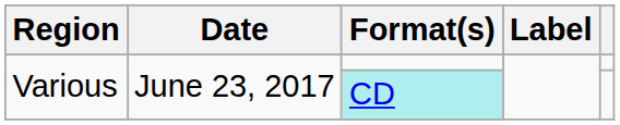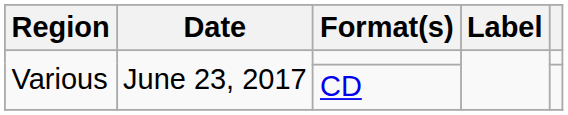 <table class="wikitable plainrowheaders">
 <tr>
 <th scope="col">Region</th>
 <th scope="col">Date</th>
 <th scope="col">Format(s)</th>
 <th scope="col">Label</th>
 <th scope="col"></th>
 </tr>
 <tr>
 <td rowspan="2">Various</td>
 <td rowspan="2">June 23, 2017</td>
 <td></td>
 <td rowspan="2"></td>
 <td></td>
 </tr>
 <tr>
-<td style="background: paleturquoise;"><a href='#'>CD</a></td>
+<td><a href='#'>CD</a></td>
 <td></td>
 </tr>
 </table>
